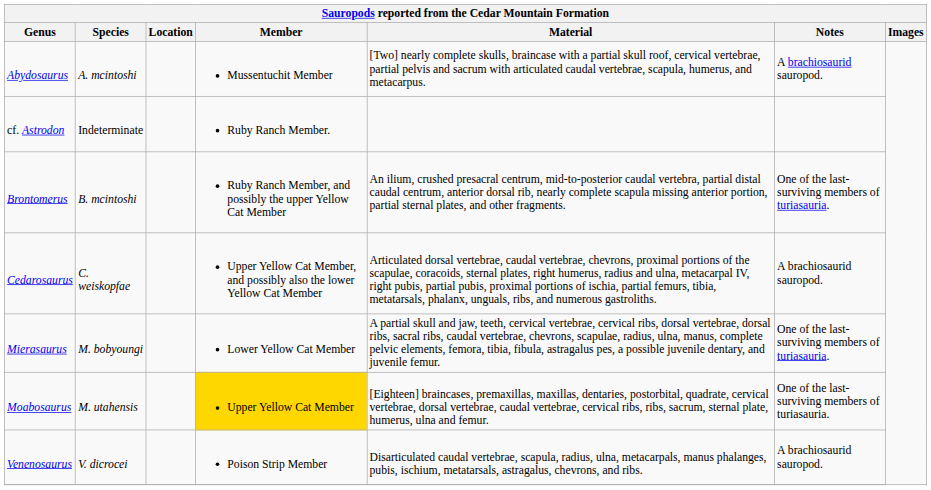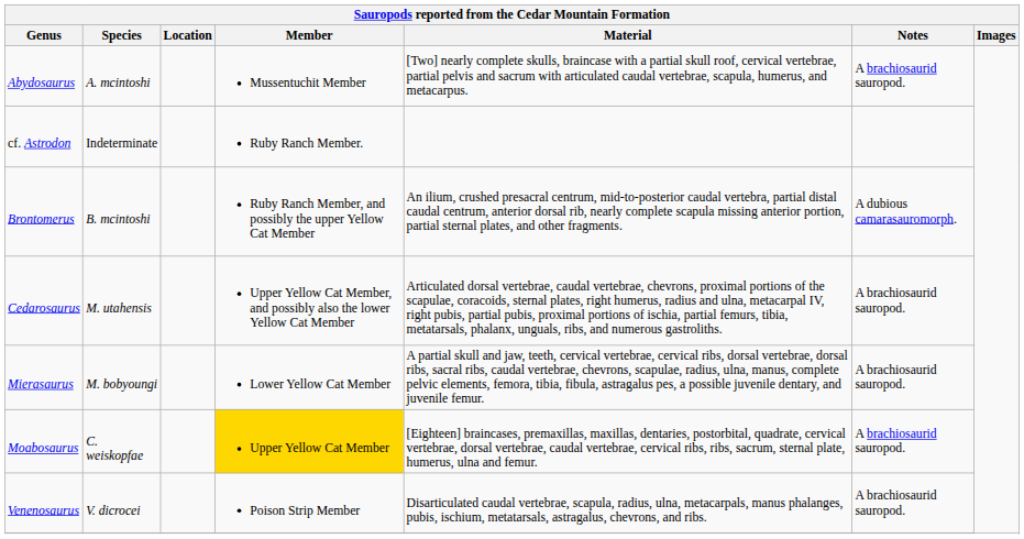 <table class="wikitable" align="center" width="100%">
 <tr>
 <th colspan="7" align="center"><strong><a href='#'>Sauropods</a> reported from the Cedar Mountain Formation</strong></th>
 </tr>
 <tr>
 <th>Genus</th>
 <th>Species</th>
 <th>Location</th>
 <th>Member</th>
 <th>Material</th>
 <th>Notes</th>
 <th>Images</th>
 </tr>
 <tr>
 <td><br><em><a href='#'>Abydosaurus</a></em></td>
 <td><br><em>A. mcintoshi</em></td>
 <td></td>
 <td><br><ul><li>Mussentuchit Member</li></ul></td>
 <td>[Two] nearly complete skulls, braincase with a partial skull roof, cervical vertebrae, partial pelvis and sacrum with articulated caudal vertebrae, scapula, humerus, and metacarpus.</td>
 <td>A <a href='#'>brachiosaurid</a> sauropod.</td>
 <td rowspan="99"><br>   </td>
 </tr>
 <tr>
 <td><br>cf. <em><a href='#'>Astrodon</a></em></td>
 <td><br>Indeterminate</td>
 <td></td>
 <td><br><ul><li>Ruby Ranch Member.</li></ul></td>
 <td></td>
 <td></td>
 </tr>
 <tr>
 <td><br><em><a href='#'>Brontomerus</a></em></td>
 <td><br><em>B. mcintoshi</em></td>
 <td></td>
 <td><br><ul><li>Ruby Ranch Member, and possibly the upper Yellow Cat Member</li></ul></td>
 <td>An ilium, crushed presacral centrum, mid-to-posterior caudal vertebra, partial distal caudal centrum, anterior dorsal rib, nearly complete scapula missing anterior portion, partial sternal plates, and other fragments.</td>
-<td>One of the last-surviving members of <a href='#'>turiasauria</a>.</td>
+<td>A dubious <a href='#'>camarasauromorph</a>.</td>
 </tr>
 <tr>
 <td><br><em><a href='#'>Cedarosaurus</a></em></td>
-<td><br><em>C. weiskopfae</em></td>
+<td><br><em>M. utahensis</em></td>
 <td></td>
 <td><br><ul><li>Upper Yellow Cat Member, and possibly also the lower Yellow Cat Member</li></ul></td>
 <td><br>Articulated dorsal vertebrae, caudal vertebrae, chevrons, proximal portions of the scapulae, coracoids, sternal plates, right humerus, radius and ulna, metacarpal IV, right pubis, partial pubis, proximal portions of ischia, partial femurs, tibia, metatarsals, phalanx, unguals, ribs, and numerous gastroliths. </td>
 <td>A brachiosaurid sauropod.</td>
 </tr>
 <tr>
 <td><br><em><a href='#'>Mierasaurus</a></em></td>
 <td><br><em>M. bobyoungi</em></td>
 <td></td>
 <td><br><ul><li>Lower Yellow Cat Member</li></ul></td>
 <td>A partial skull and jaw, teeth, cervical vertebrae, cervical ribs, dorsal vertebrae, dorsal ribs, sacral ribs, caudal vertebrae, chevrons, scapulae, radius, ulna, manus, complete pelvic elements, femora, tibia, fibula, astragalus pes, a possible juvenile dentary, and juvenile femur.</td>
-<td>One of the last-surviving members of <a href='#'>turiasauria</a>.</td>
+<td>A brachiosaurid sauropod.</td>
 </tr>
 <tr>
 <td><br><em><a href='#'>Moabosaurus</a></em></td>
-<td><br><em>M. utahensis</em></td>
+<td><br><em>C. weiskopfae</em></td>
 <td></td>
 <td style="background: gold;"><br><ul><li>Upper Yellow Cat Member</li></ul></td>
 <td><br>[Eighteen] braincases, premaxillas, maxillas, dentaries, postorbital, quadrate, cervical vertebrae, dorsal vertebrae, caudal vertebrae, cervical ribs, ribs, sacrum, sternal plate, humerus, ulna and femur.</td>
-<td>One of the last-surviving members of turiasauria.</td>
+<td>A <a href='#'>brachiosaurid</a> sauropod.</td>
 </tr>
 <tr>
 <td><br><em><a href='#'>Venenosaurus</a></em></td>
 <td><br><em>V. dicrocei</em></td>
 <td></td>
 <td><br><ul><li>Poison Strip Member</li></ul></td>
 <td><br>Disarticulated caudal vertebrae, scapula, radius, ulna, metacarpals, manus phalanges, pubis, ischium, metatarsals, astragalus, chevrons, and ribs.</td>
 <td>A brachiosaurid sauropod.</td>
 </tr>
 <tr>
 </tr>
 </table>
